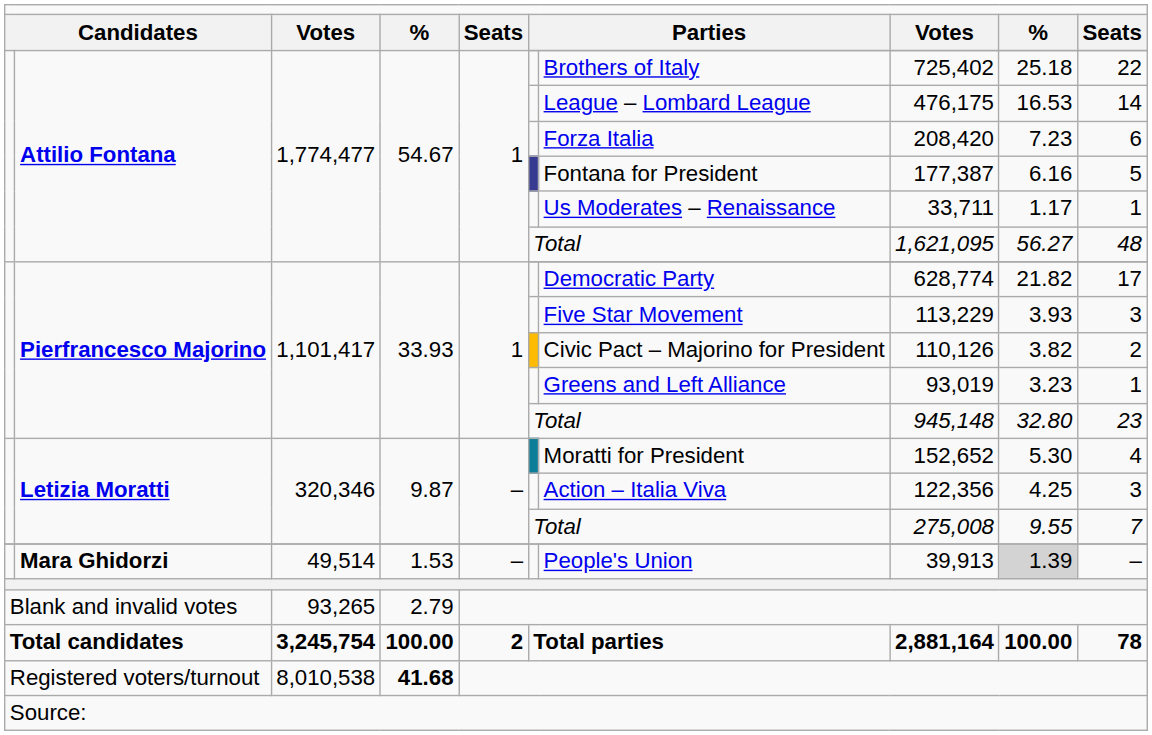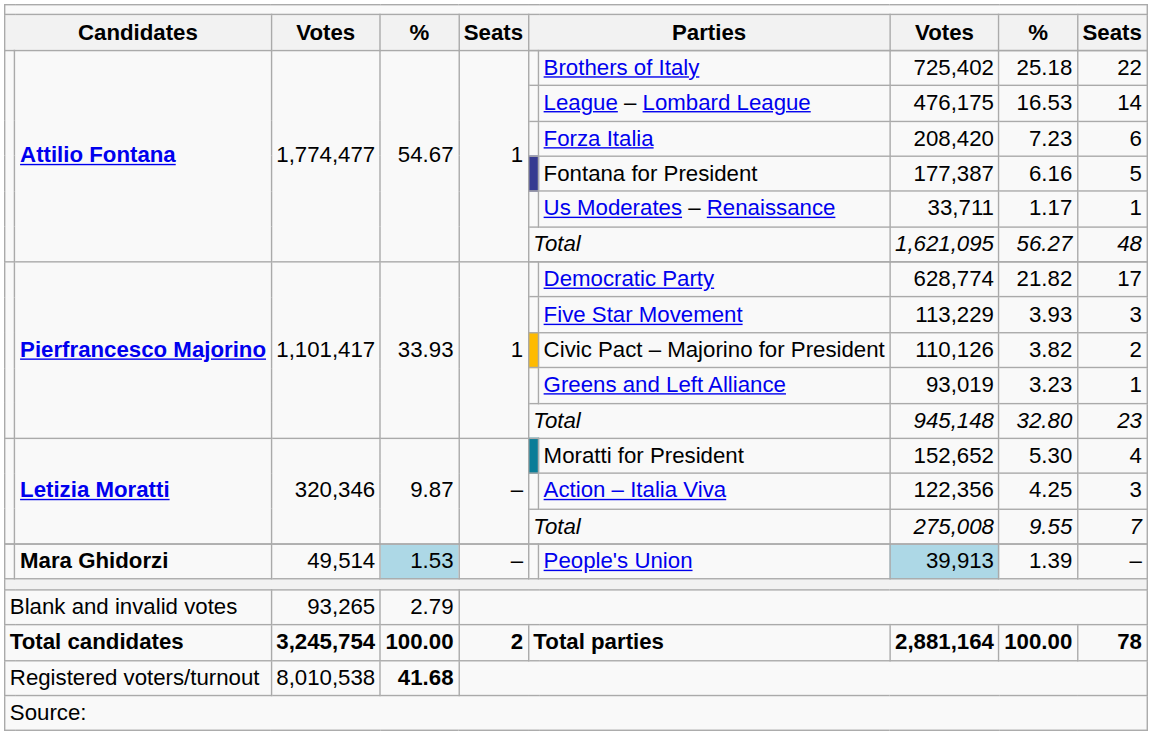 <table class="wikitable">
 <tr>
 <td colspan=10></td>
 </tr>
 <tr>
 <th colspan=2>Candidates</th>
 <th>Votes</th>
 <th>%</th>
 <th>Seats</th>
 <th colspan=2>Parties</th>
 <th>Votes</th>
 <th>%</th>
 <th>Seats</th>
 </tr>
 <tr>
 <td rowspan="7"></td>
 <td rowspan="7"><strong><a href='#'>Attilio Fontana</a></strong></td>
 <td rowspan="7" align=right>1,774,477</td>
 <td rowspan="7" align=right>54.67</td>
 <td rowspan="7" align=right>1</td>
 </tr>
 <tr>
 <td></td>
 <td><a href='#'>Brothers of Italy</a></td>
 <td align=right>725,402</td>
 <td align=right>25.18</td>
 <td align=right>22</td>
 </tr>
 <tr>
 <td></td>
 <td><a href='#'>League</a> – <a href='#'>Lombard League</a></td>
 <td align=right>476,175</td>
 <td align=right>16.53</td>
 <td align=right>14</td>
 </tr>
 <tr>
 <td></td>
 <td><a href='#'>Forza Italia</a></td>
 <td align=right>208,420</td>
 <td align=right>7.23</td>
 <td align=right>6</td>
 </tr>
 <tr>
 <td bgcolor="#363A91"></td>
 <td>Fontana for President</td>
 <td align=right>177,387</td>
 <td align=right>6.16</td>
 <td align=right>5</td>
 </tr>
 <tr>
 <td></td>
 <td style="text-align:left;"><a href='#'>Us Moderates</a> – <a href='#'>Renaissance</a></td>
 <td align=right>33,711</td>
 <td align=right>1.17</td>
 <td align=right>1</td>
 </tr>
 <tr>
 <td colspan=2><em>Total</em></td>
 <td align=right><em>1,621,095</em></td>
 <td align=right><em>56.27</em></td>
 <td align=right><em>48</em></td>
 </tr>
 <tr>
 <td rowspan=6></td>
 <td rowspan=6><strong><a href='#'>Pierfrancesco Majorino</a></strong></td>
 <td rowspan="6" align=right>1,101,417</td>
 <td rowspan="6" align=right>33.93</td>
 <td rowspan="6" align=right>1</td>
 </tr>
 <tr>
 <td></td>
 <td><a href='#'>Democratic Party</a></td>
 <td align=right>628,774</td>
 <td align=right>21.82</td>
 <td align=right>17</td>
 </tr>
 <tr>
 <td></td>
 <td><a href='#'>Five Star Movement</a></td>
 <td align=right>113,229</td>
 <td align=right>3.93</td>
 <td align=right>3</td>
 </tr>
 <tr>
 <td bgcolor="#FEBB00"></td>
 <td>Civic Pact – Majorino for President</td>
 <td align=right>110,126</td>
 <td align=right>3.82</td>
 <td align=right>2</td>
 </tr>
 <tr>
 <td></td>
 <td><a href='#'>Greens and Left Alliance</a></td>
 <td align=right>93,019</td>
 <td align=right>3.23</td>
 <td align=right>1</td>
 </tr>
 <tr>
 <td colspan=2><em>Total</em></td>
 <td align=right><em>945,148</em></td>
 <td align=right><em>32.80</em></td>
 <td align=right><em>23</em></td>
 </tr>
 <tr>
 <td rowspan=3></td>
 <td rowspan=3><strong><a href='#'>Letizia Moratti</a></strong></td>
 <td rowspan="3" align=right>320,346</td>
 <td rowspan="3" align=right>9.87</td>
 <td rowspan="3" align=right>–</td>
 <td bgcolor="#0A7D98"></td>
 <td>Moratti for President</td>
 <td align=right>152,652</td>
 <td align=right>5.30</td>
 <td align=right>4</td>
 </tr>
 <tr>
 <td></td>
 <td><a href='#'>Action – Italia Viva</a></td>
 <td align=right>122,356</td>
 <td align=right>4.25</td>
 <td align=right>3</td>
 </tr>
 <tr>
 <td colspan=2><em>Total</em></td>
 <td align=right><em>275,008</em></td>
 <td align=right><em>9.55</em></td>
 <td align=right><em>7</em></td>
 </tr>
 <tr>
 </tr>
 <tr>
 <td></td>
 <td><strong>Mara Ghidorzi</strong></td>
 <td align=right>49,514</td>
-<td align=right>1.53</td>
+<td align=right style="background: lightblue;">1.53</td>
 <td align=right>–</td>
 <td></td>
 <td><a href='#'>People's Union</a></td>
-<td align=right>39,913</td>
-<td align=right style="background: lightgrey;">1.39</td>
+<td align=right style="background: lightblue;">39,913</td>
+<td align=right>1.39</td>
 <td align=right>–</td>
 </tr>
 <tr>
 <th colspan=10></th>
 </tr>
 <tr>
 <td colspan=2>Blank and invalid votes</td>
 <td align=right>93,265</td>
 <td align=right>2.79</td>
 <td colspan=6></td>
 </tr>
 <tr>
 <td colspan=2><strong>Total candidates</strong></td>
 <td align=right><strong>3,245,754</strong></td>
 <td align=right><strong>100.00</strong></td>
 <td align=right><strong>2</strong></td>
 <td colspan=2><strong>Total parties</strong></td>
 <td align=right><strong>2,881,164</strong></td>
 <td align=right><strong>100.00</strong></td>
 <td align=right><strong>78</strong></td>
 </tr>
 <tr>
 <td colspan=2>Registered voters/turnout</td>
 <td align=right>8,010,538</td>
 <td align=right><strong>41.68</strong></td>
 <td colspan=6></td>
 </tr>
 <tr>
 <td colspan=10>Source: </td>
 </tr>
 </table>
